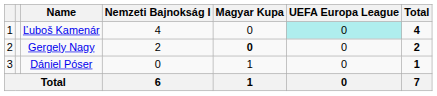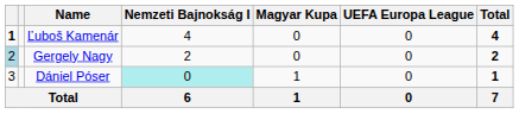 <table class="wikitable" style="text-align:center;">
 <tr>
 <th></th>
 <th></th>
 <th>Name</th>
 <th>Nemzeti Bajnokság I</th>
 <th>Magyar Kupa</th>
 <th>UEFA Europa League</th>
 <th>Total</th>
 </tr>
 <tr>
-<td>1</td>
+<td><strong>1</strong></td>
 <td align="left"></td>
 <td><a href='#'>Ľuboš Kamenár</a></td>
 <td>4</td>
 <td>0</td>
-<td style="background: paleturquoise;">0</td>
+<td>0</td>
 <td><strong>4</strong></td>
 </tr>
 <tr>
-<td>2</td>
+<td style="background: lightblue;">2</td>
 <td></td>
 <td><a href='#'>Gergely Nagy</a></td>
 <td>2</td>
-<td><strong>0</strong></td>
+<td>0</td>
 <td>0</td>
 <td><strong>2</strong></td>
 </tr>
 <tr>
 <td>3</td>
 <td></td>
 <td><a href='#'>Dániel Póser</a></td>
-<td>0</td>
+<td style="background: paleturquoise;">0</td>
 <td>1</td>
 <td>0</td>
 <td><strong>1</strong></td>
 </tr>
 <tr>
 <th colspan="3">Total</th>
 <th>6</th>
 <th>1</th>
 <th>0</th>
 <th>7</th>
 </tr>
 </table>
